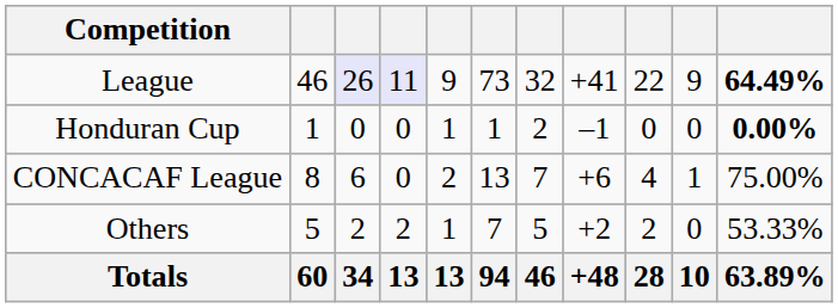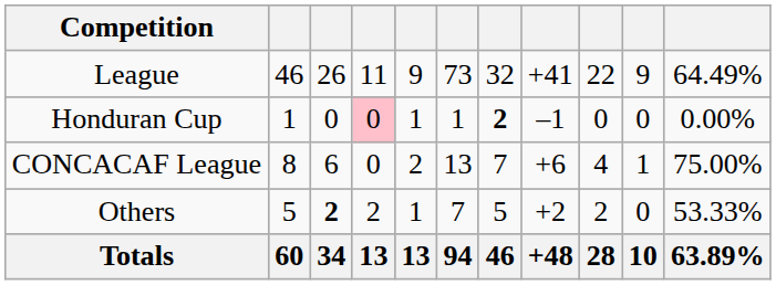 <table class="wikitable">
 <tr>
 <th>Competition</th>
 <th></th>
 <th></th>
 <th></th>
 <th></th>
 <th></th>
 <th></th>
 <th></th>
 <th></th>
 <th></th>
 <th></th>
 </tr>
 <tr align=center>
 <td>League</td>
 <td>46</td>
-<td style="background: lavender;">26</td>
-<td style="background: lavender;">11</td>
+<td>26</td>
+<td>11</td>
 <td>9</td>
 <td>73</td>
 <td>32</td>
 <td>+41</td>
 <td>22</td>
 <td>9</td>
-<td><strong>64.49%</strong></td>
+<td>64.49%</td>
 </tr>
 <tr align=center>
 <td>Honduran Cup</td>
 <td>1</td>
 <td>0</td>
-<td>0</td>
+<td style="background: pink;">0</td>
 <td>1</td>
 <td>1</td>
-<td>2</td>
+<td><strong>2</strong></td>
 <td>–1</td>
 <td>0</td>
 <td>0</td>
-<td><strong>0.00%</strong></td>
+<td>0.00%</td>
 </tr>
 <tr align=center>
 <td>CONCACAF League</td>
 <td>8</td>
 <td>6</td>
 <td>0</td>
 <td>2</td>
 <td>13</td>
 <td>7</td>
 <td>+6</td>
 <td>4</td>
 <td>1</td>
 <td>75.00%</td>
 </tr>
 <tr align=center>
 <td>Others</td>
 <td>5</td>
-<td>2</td>
+<td><strong>2</strong></td>
 <td>2</td>
 <td>1</td>
 <td>7</td>
 <td>5</td>
 <td>+2</td>
 <td>2</td>
 <td>0</td>
 <td>53.33%</td>
 </tr>
 <tr>
 <th>Totals</th>
 <th>60</th>
 <th>34</th>
 <th>13</th>
 <th>13</th>
 <th>94</th>
 <th>46</th>
 <th>+48</th>
 <th>28</th>
 <th>10</th>
 <th>63.89%</th>
 </tr>
 </table>
